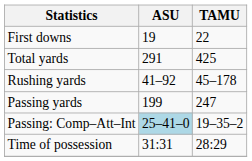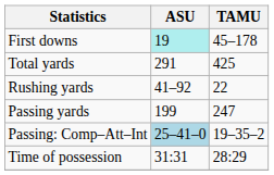 <table class="wikitable" style="float: left;">
 <tr>
 <th>Statistics</th>
 <th>ASU</th>
 <th>TAMU</th>
 </tr>
 <tr>
 <td>First downs</td>
-<td>19</td>
-<td>22</td>
+<td style="background: paleturquoise;">19</td>
+<td>45–178</td>
 </tr>
 <tr>
 <td>Total yards</td>
 <td>291</td>
 <td>425</td>
 </tr>
 <tr>
 <td>Rushing yards</td>
 <td>41–92</td>
-<td>45–178</td>
+<td>22</td>
 </tr>
 <tr>
 <td>Passing yards</td>
 <td>199</td>
 <td>247</td>
 </tr>
 <tr>
 <td>Passing: Comp–Att–Int</td>
 <td style="background: lightblue;">25–41–0</td>
 <td>19–35–2</td>
 </tr>
 <tr>
 <td>Time of possession</td>
 <td>31:31</td>
 <td>28:29</td>
 </tr>
 <tr>
 </tr>
 </table>
